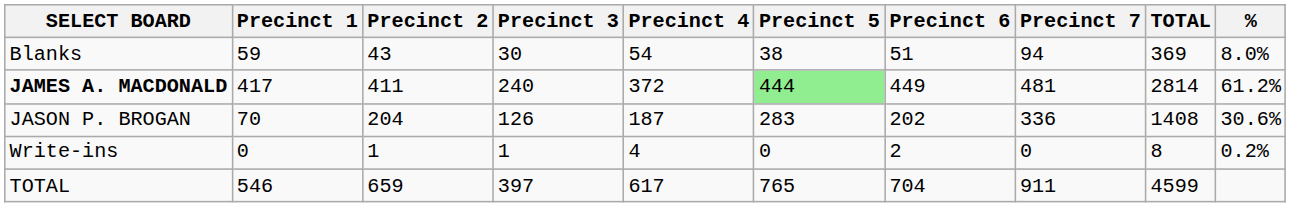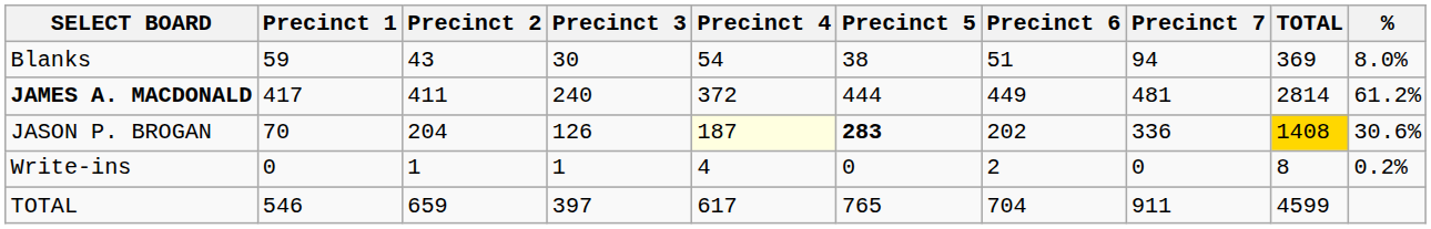 <table class="wikitable">
 <tr>
 <th>SELECT BOARD</th>
 <th>Precinct 1</th>
 <th>Precinct 2</th>
 <th>Precinct 3</th>
 <th>Precinct 4</th>
 <th>Precinct 5</th>
 <th>Precinct 6</th>
 <th>Precinct 7</th>
 <th>TOTAL</th>
 <th>%</th>
 </tr>
 <tr>
 <td>Blanks</td>
 <td>59</td>
 <td>43</td>
 <td>30</td>
 <td>54</td>
 <td>38</td>
 <td>51</td>
 <td>94</td>
 <td>369</td>
 <td>8.0%</td>
 </tr>
 <tr>
 <td><strong>JAMES A. MACDONALD</strong></td>
 <td>417</td>
 <td>411</td>
 <td>240</td>
 <td>372</td>
-<td style="background: lightgreen;">444</td>
+<td>444</td>
 <td>449</td>
 <td>481</td>
 <td>2814</td>
 <td>61.2%</td>
 </tr>
 <tr>
 <td>JASON P. BROGAN</td>
 <td>70</td>
 <td>204</td>
 <td>126</td>
-<td>187</td>
-<td>283</td>
+<td style="background: lightyellow;">187</td>
+<td><strong>283</strong></td>
 <td>202</td>
 <td>336</td>
-<td>1408</td>
+<td style="background: gold;">1408</td>
 <td>30.6%</td>
 </tr>
 <tr>
 <td>Write-ins</td>
 <td>0</td>
 <td>1</td>
 <td>1</td>
 <td>4</td>
 <td>0</td>
 <td>2</td>
 <td>0</td>
 <td>8</td>
 <td>0.2%</td>
 </tr>
 <tr>
 <td>TOTAL</td>
 <td>546</td>
 <td>659</td>
 <td>397</td>
 <td>617</td>
 <td>765</td>
 <td>704</td>
 <td>911</td>
 <td>4599</td>
 </tr>
 </table>
